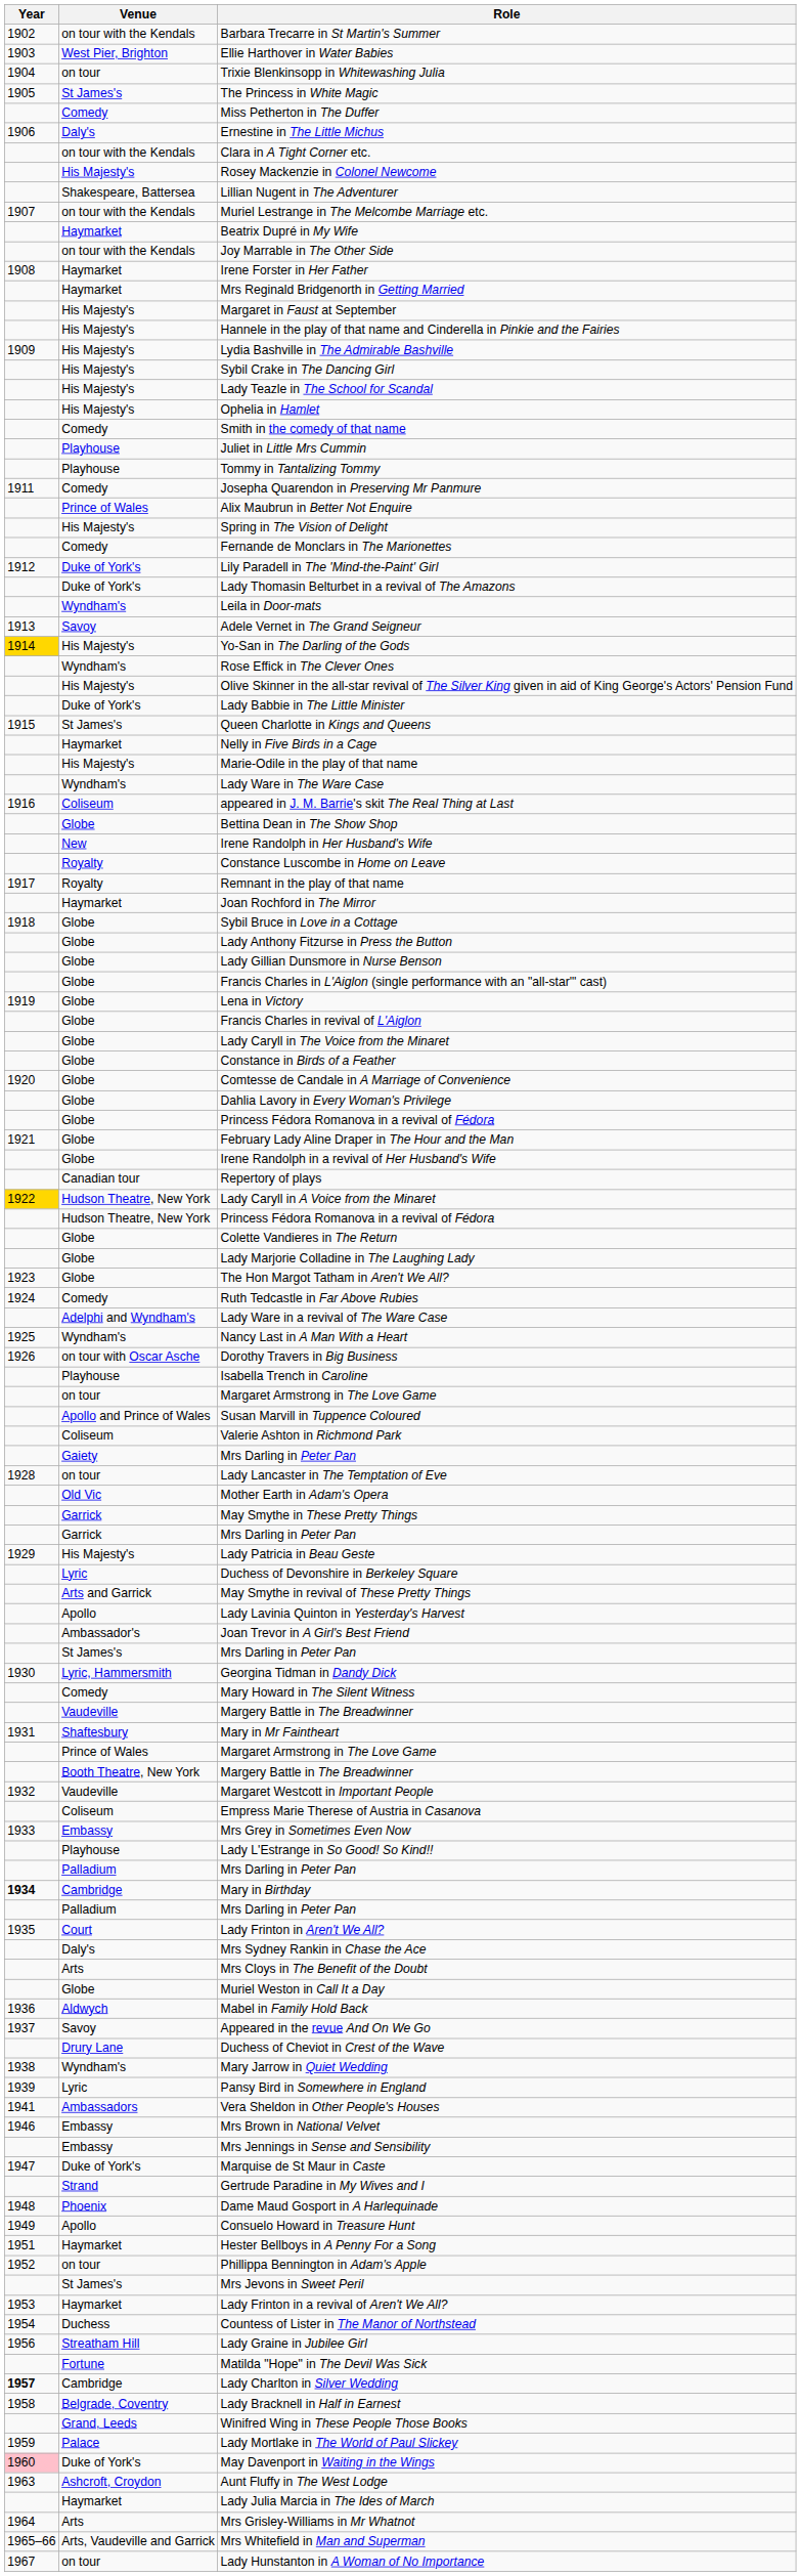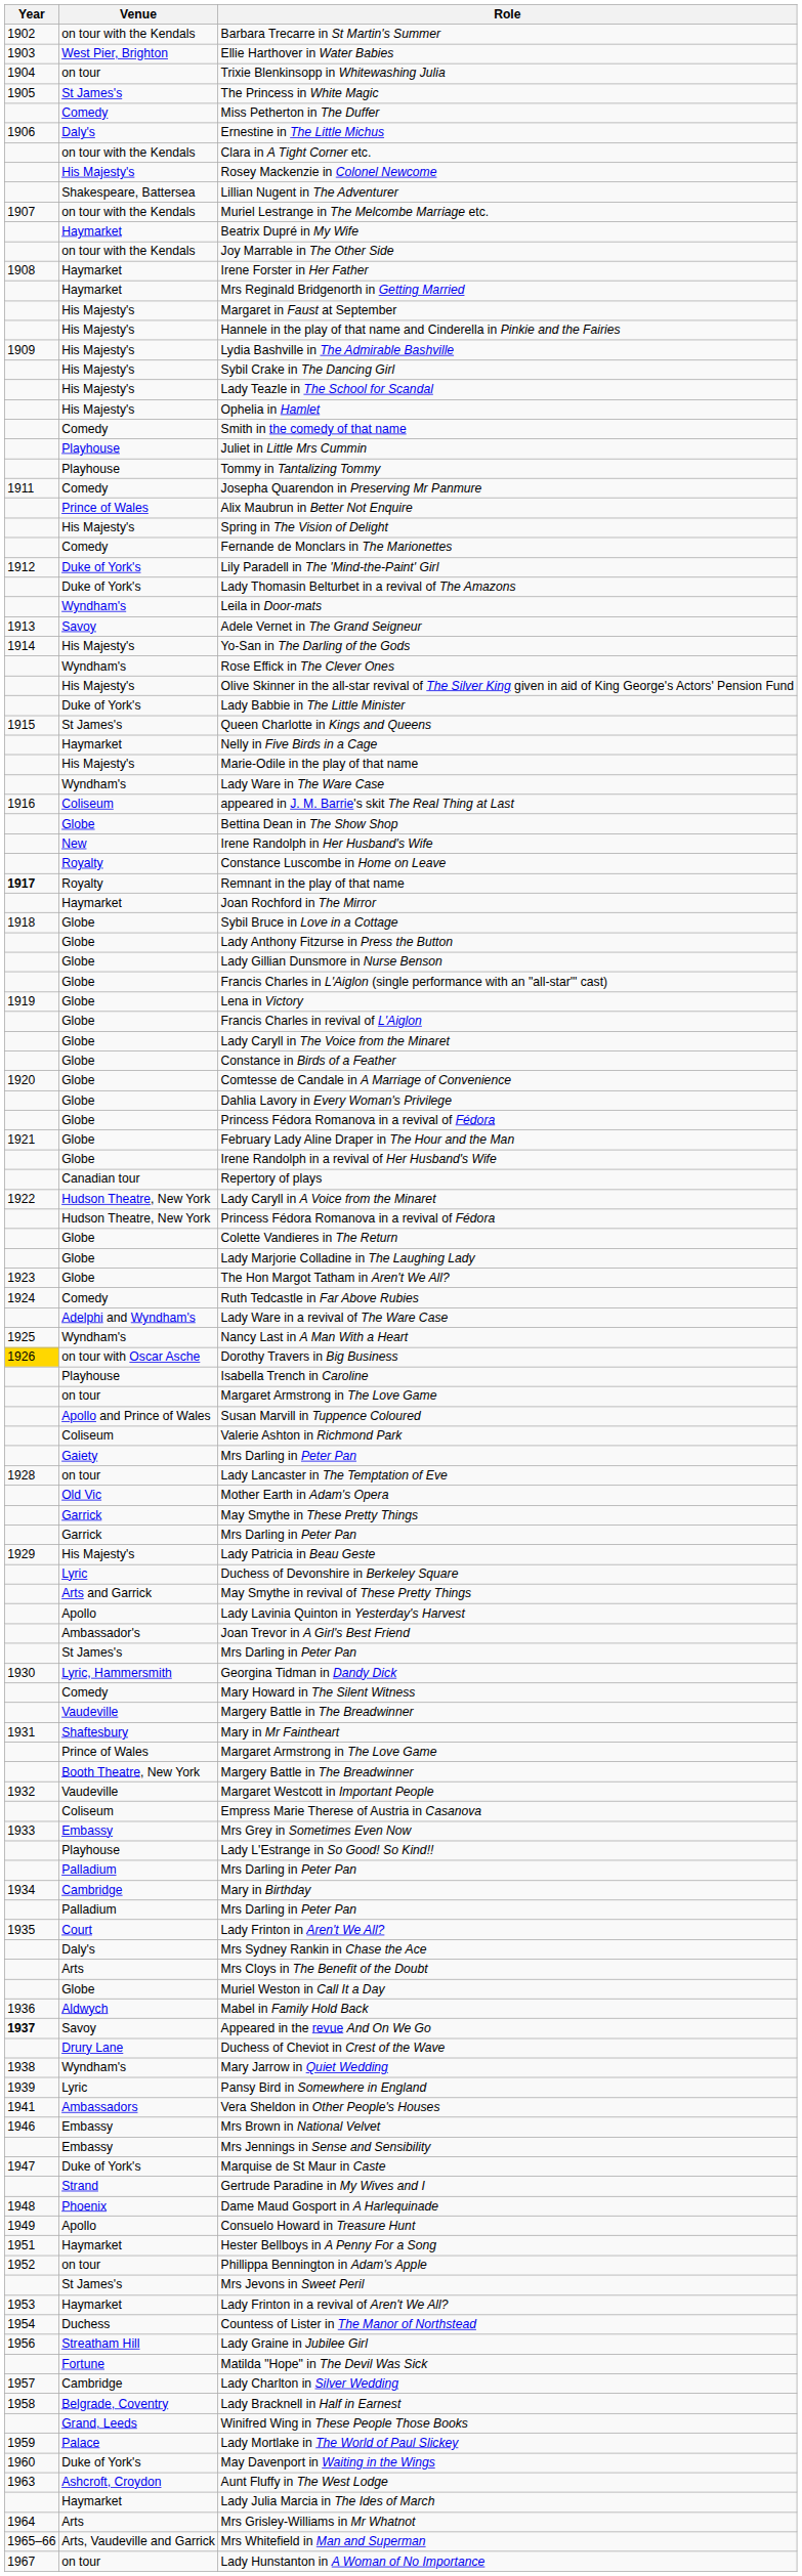 <table class="wikitable plainrowheaders" style="text-align: left; margin-right: 0;">
 <tr>
 <th scope="col">Year</th>
 <th scope="col">Venue</th>
 <th scope="col">Role</th>
 </tr>
 <tr>
 <td>1902</td>
 <td>on tour with the Kendals</td>
 <td>Barbara Trecarre in <em>St Martin's Summer</em></td>
 </tr>
 <tr>
 <td>1903</td>
 <td><a href='#'>West Pier, Brighton</a></td>
 <td>Ellie Harthover in <em>Water Babies</em></td>
 </tr>
 <tr>
 <td>1904</td>
 <td>on tour</td>
 <td>Trixie Blenkinsopp in <em>Whitewashing Julia</em></td>
 </tr>
 <tr>
 <td>1905</td>
 <td><a href='#'>St James's</a></td>
 <td>The Princess in <em>White Magic</em></td>
 </tr>
 <tr>
 <td></td>
 <td><a href='#'>Comedy</a></td>
 <td>Miss Petherton in <em>The Duffer</em></td>
 </tr>
 <tr>
 <td>1906</td>
 <td><a href='#'>Daly's</a></td>
 <td>Ernestine in <em><a href='#'>The Little Michus</a></em></td>
 </tr>
 <tr>
 <td></td>
 <td>on tour with the Kendals</td>
 <td>Clara in <em>A Tight Corner</em> etc.</td>
 </tr>
 <tr>
 <td></td>
 <td><a href='#'>His Majesty's</a></td>
 <td>Rosey Mackenzie in <em><a href='#'>Colonel Newcome</a></em></td>
 </tr>
 <tr>
 <td></td>
 <td>Shakespeare, Battersea</td>
 <td>Lillian Nugent in <em>The Adventurer</em></td>
 </tr>
 <tr>
 <td>1907</td>
 <td>on tour with the Kendals</td>
 <td>Muriel Lestrange in <em>The Melcombe Marriage</em> etc.</td>
 </tr>
 <tr>
 <td></td>
 <td><a href='#'>Haymarket</a></td>
 <td>Beatrix Dupré in <em>My Wife</em></td>
 </tr>
 <tr>
 <td></td>
 <td>on tour with the Kendals</td>
 <td>Joy Marrable in <em>The Other Side</em></td>
 </tr>
 <tr>
 <td>1908</td>
 <td>Haymarket</td>
 <td>Irene Forster in <em>Her Father</em></td>
 </tr>
 <tr>
 <td></td>
 <td>Haymarket</td>
 <td>Mrs Reginald Bridgenorth in <em><a href='#'>Getting Married</a></em></td>
 </tr>
 <tr>
 <td></td>
 <td>His Majesty's</td>
 <td>Margaret in <em>Faust </em>at September</td>
 </tr>
 <tr>
 <td></td>
 <td>His Majesty's</td>
 <td>Hannele in the play of that name and  Cinderella in <em>Pinkie and the Fairies</em></td>
 </tr>
 <tr>
 <td>1909</td>
 <td>His Majesty's</td>
 <td>Lydia Bashville in <em><a href='#'>The Admirable Bashville</a></em></td>
 </tr>
 <tr>
 <td></td>
 <td>His Majesty's</td>
 <td>Sybil Crake in <em>The Dancing Girl</em></td>
 </tr>
 <tr>
 <td></td>
 <td>His Majesty's</td>
 <td>Lady Teazle in <em><a href='#'>The School for Scandal</a></em></td>
 </tr>
 <tr>
 <td></td>
 <td>His Majesty's</td>
 <td>Ophelia in <em><a href='#'>Hamlet</a></em></td>
 </tr>
 <tr>
 <td></td>
 <td>Comedy</td>
 <td>Smith in <a href='#'>the comedy of that name</a></td>
 </tr>
 <tr>
 <td></td>
 <td><a href='#'>Playhouse</a></td>
 <td>Juliet in <em>Little Mrs Cummin</em></td>
 </tr>
 <tr>
 <td></td>
 <td>Playhouse</td>
 <td>Tommy in <em>Tantalizing Tommy</em></td>
 </tr>
 <tr>
 <td>1911</td>
 <td>Comedy</td>
 <td>Josepha Quarendon in <em>Preserving Mr Panmure</em></td>
 </tr>
 <tr>
 <td></td>
 <td><a href='#'>Prince of Wales</a></td>
 <td>Alix Maubrun in <em>Better Not Enquire</em></td>
 </tr>
 <tr>
 <td></td>
 <td>His Majesty's</td>
 <td>Spring in <em>The Vision of Delight</em></td>
 </tr>
 <tr>
 <td></td>
 <td>Comedy</td>
 <td>Fernande de Monclars in <em>The Marionettes</em></td>
 </tr>
 <tr>
 <td>1912</td>
 <td><a href='#'>Duke of York's</a></td>
 <td>Lily Paradell in <em>The 'Mind-the-Paint' Girl</em></td>
 </tr>
 <tr>
 <td></td>
 <td>Duke of York's</td>
 <td>Lady Thomasin Belturbet in a revival of <em>The Amazons</em></td>
 </tr>
 <tr>
 <td></td>
 <td><a href='#'>Wyndham's</a></td>
 <td>Leila in <em>Door-mats</em></td>
 </tr>
 <tr>
 <td>1913</td>
 <td><a href='#'>Savoy</a></td>
 <td>Adele Vernet in <em>The Grand Seigneur</em></td>
 </tr>
 <tr>
-<td style="background: gold;">1914</td>
+<td>1914</td>
 <td>His Majesty's</td>
 <td>Yo-San in <em>The Darling of the Gods</em></td>
 </tr>
 <tr>
 <td></td>
 <td>Wyndham's</td>
 <td>Rose Effick in <em>The Clever Ones</em></td>
 </tr>
 <tr>
 <td></td>
 <td>His Majesty's</td>
 <td>Olive Skinner in the all-star revival of <em><a href='#'>The Silver King</a></em> given in aid of King George's Actors' Pension Fund</td>
 </tr>
 <tr>
 <td></td>
 <td>Duke of York's</td>
 <td>Lady Babbie in <em>The Little Minister</em></td>
 </tr>
 <tr>
 <td>1915</td>
 <td>St James's</td>
 <td>Queen Charlotte in <em>Kings and Queens</em></td>
 </tr>
 <tr>
 <td></td>
 <td>Haymarket</td>
 <td>Nelly in <em>Five Birds in a Cage</em></td>
 </tr>
 <tr>
 <td></td>
 <td>His Majesty's</td>
 <td>Marie-Odile in the play of that name</td>
 </tr>
 <tr>
 <td></td>
 <td>Wyndham's</td>
 <td>Lady Ware in <em>The Ware Case</em></td>
 </tr>
 <tr>
 <td>1916</td>
 <td><a href='#'>Coliseum</a></td>
 <td>appeared in <a href='#'>J. M. Barrie</a>'s skit <em>The Real Thing at Last</em></td>
 </tr>
 <tr>
 <td></td>
 <td><a href='#'>Globe</a></td>
 <td>Bettina Dean in <em>The Show Shop</em></td>
 </tr>
 <tr>
 <td></td>
 <td><a href='#'>New</a></td>
 <td>Irene Randolph in <em>Her Husband's Wife</em></td>
 </tr>
 <tr>
 <td></td>
 <td><a href='#'>Royalty</a></td>
 <td>Constance Luscombe in <em>Home on Leave</em></td>
 </tr>
 <tr>
-<td>1917</td>
+<td><strong>1917</strong></td>
 <td>Royalty</td>
 <td>Remnant in the play of that name</td>
 </tr>
 <tr>
 <td></td>
 <td>Haymarket</td>
 <td>Joan Rochford in <em>The Mirror</em></td>
 </tr>
 <tr>
 <td>1918</td>
 <td>Globe</td>
 <td>Sybil Bruce in <em>Love in a Cottage</em></td>
 </tr>
 <tr>
 <td></td>
 <td>Globe</td>
 <td>Lady Anthony Fitzurse in <em>Press the Button</em></td>
 </tr>
 <tr>
 <td></td>
 <td>Globe</td>
 <td>Lady Gillian Dunsmore in <em>Nurse Benson</em></td>
 </tr>
 <tr>
 <td></td>
 <td>Globe</td>
 <td>Francis Charles in <em>L'Aiglon</em> (single performance with an "all-star'" cast)</td>
 </tr>
 <tr>
 <td>1919</td>
 <td>Globe</td>
 <td>Lena in <em>Victory</em></td>
 </tr>
 <tr>
 <td></td>
 <td>Globe</td>
 <td>Francis Charles in revival of <em><a href='#'>L'Aiglon</a></em></td>
 </tr>
 <tr>
 <td></td>
 <td>Globe</td>
 <td>Lady Caryll in <em>The Voice from the Minaret</em></td>
 </tr>
 <tr>
 <td></td>
 <td>Globe</td>
 <td>Constance in <em>Birds of a Feather</em></td>
 </tr>
 <tr>
 <td>1920</td>
 <td>Globe</td>
 <td>Comtesse de Candale in <em>A Marriage of Convenience</em></td>
 </tr>
 <tr>
 <td></td>
 <td>Globe</td>
 <td>Dahlia Lavory in <em>Every Woman's Privilege</em></td>
 </tr>
 <tr>
 <td></td>
 <td>Globe</td>
 <td>Princess Fédora Romanova in a revival of <em><a href='#'>Fédora</a></em></td>
 </tr>
 <tr>
 <td>1921</td>
 <td>Globe</td>
 <td>February Lady Aline Draper in <em>The Hour and the Man</em></td>
 </tr>
 <tr>
 <td></td>
 <td>Globe</td>
 <td>Irene Randolph in a revival of <em>Her Husband's Wife</em></td>
 </tr>
 <tr>
 <td></td>
 <td>Canadian tour</td>
 <td>Repertory of plays</td>
 </tr>
 <tr>
-<td style="background: gold;">1922</td>
+<td>1922</td>
 <td><a href='#'>Hudson Theatre</a>, New York</td>
 <td>Lady Caryll in <em>A Voice from the Minaret</em></td>
 </tr>
 <tr>
 <td></td>
 <td>Hudson Theatre, New York</td>
 <td>Princess Fédora Romanova in a revival of <em>Fédora</em></td>
 </tr>
 <tr>
 <td></td>
 <td>Globe</td>
 <td>Colette Vandieres in <em>The Return</em></td>
 </tr>
 <tr>
 <td></td>
 <td>Globe</td>
 <td>Lady Marjorie Colladine in <em>The Laughing Lady</em></td>
 </tr>
 <tr>
 <td>1923</td>
 <td>Globe</td>
 <td>The Hon Margot Tatham in <em>Aren't We All?</em></td>
 </tr>
 <tr>
 <td>1924</td>
 <td>Comedy</td>
 <td>Ruth Tedcastle in <em>Far Above Rubies</em></td>
 </tr>
 <tr>
 <td></td>
 <td><a href='#'>Adelphi</a> and <a href='#'>Wyndham's</a></td>
 <td>Lady Ware in a revival of <em>The Ware Case</em></td>
 </tr>
 <tr>
 <td>1925</td>
 <td>Wyndham's</td>
 <td>Nancy Last in <em>A Man With a Heart</em></td>
 </tr>
 <tr>
-<td>1926</td>
+<td style="background: gold;">1926</td>
 <td>on tour with <a href='#'>Oscar Asche</a></td>
 <td>Dorothy Travers in <em>Big Business</em></td>
 </tr>
 <tr>
 <td></td>
 <td>Playhouse</td>
 <td>Isabella Trench in <em>Caroline</em></td>
 </tr>
 <tr>
 <td></td>
 <td>on tour</td>
 <td>Margaret Armstrong in <em>The Love Game</em></td>
 </tr>
 <tr>
 <td></td>
 <td><a href='#'>Apollo</a> and Prince of Wales</td>
 <td>Susan Marvill in <em>Tuppence Coloured</em></td>
 </tr>
 <tr>
 <td></td>
 <td>Coliseum</td>
 <td>Valerie Ashton in <em>Richmond Park</em></td>
 </tr>
 <tr>
 <td></td>
 <td><a href='#'>Gaiety</a></td>
 <td>Mrs Darling in <em><a href='#'>Peter Pan</a></em></td>
 </tr>
 <tr>
 <td>1928</td>
 <td>on tour</td>
 <td>Lady Lancaster in <em>The Temptation of Eve</em></td>
 </tr>
 <tr>
 <td></td>
 <td><a href='#'>Old Vic</a></td>
 <td>Mother Earth in <em>Adam's Opera</em></td>
 </tr>
 <tr>
 <td></td>
 <td><a href='#'>Garrick</a></td>
 <td>May Smythe in <em>These Pretty Things</em></td>
 </tr>
 <tr>
 <td></td>
 <td>Garrick</td>
 <td>Mrs Darling in <em>Peter Pan</em></td>
 </tr>
 <tr>
 <td>1929</td>
 <td>His Majesty's</td>
 <td>Lady Patricia in <em>Beau Geste</em></td>
 </tr>
 <tr>
 <td></td>
 <td><a href='#'>Lyric</a></td>
 <td>Duchess of Devonshire in <em>Berkeley Square</em></td>
 </tr>
 <tr>
 <td></td>
 <td><a href='#'>Arts</a> and Garrick</td>
 <td>May Smythe in revival of <em>These Pretty Things</em></td>
 </tr>
 <tr>
 <td></td>
 <td>Apollo</td>
 <td>Lady Lavinia Quinton in <em>Yesterday's Harvest</em></td>
 </tr>
 <tr>
 <td></td>
 <td>Ambassador's</td>
 <td>Joan Trevor in <em>A Girl's Best Friend</em></td>
 </tr>
 <tr>
 <td></td>
 <td>St James's</td>
 <td>Mrs Darling in <em>Peter Pan</em></td>
 </tr>
 <tr>
 <td>1930</td>
 <td><a href='#'>Lyric, Hammersmith</a></td>
 <td>Georgina Tidman in <em><a href='#'>Dandy Dick</a></em></td>
 </tr>
 <tr>
 <td></td>
 <td>Comedy</td>
 <td>Mary Howard in <em>The Silent Witness</em></td>
 </tr>
 <tr>
 <td></td>
 <td><a href='#'>Vaudeville</a></td>
 <td>Margery Battle in <em>The Breadwinner</em></td>
 </tr>
 <tr>
 <td>1931</td>
 <td><a href='#'>Shaftesbury</a></td>
 <td>Mary in <em>Mr Faintheart</em></td>
 </tr>
 <tr>
 <td></td>
 <td>Prince of Wales</td>
 <td>Margaret Armstrong in <em>The Love Game </em></td>
 </tr>
 <tr>
 <td></td>
 <td><a href='#'>Booth Theatre</a>, New York</td>
 <td>Margery Battle in <em>The Breadwinner</em></td>
 </tr>
 <tr>
 <td>1932</td>
 <td>Vaudeville</td>
 <td>Margaret Westcott in <em>Important People</em></td>
 </tr>
 <tr>
 <td></td>
 <td>Coliseum</td>
 <td>Empress Marie Therese of Austria in <em>Casanova</em></td>
 </tr>
 <tr>
 <td>1933</td>
 <td><a href='#'>Embassy</a></td>
 <td>Mrs Grey in <em>Sometimes Even Now</em></td>
 </tr>
 <tr>
 <td></td>
 <td>Playhouse</td>
 <td>Lady L'Estrange in <em>So Good! So Kind!!</em></td>
 </tr>
 <tr>
 <td></td>
 <td><a href='#'>Palladium</a></td>
 <td>Mrs Darling in <em>Peter Pan</em></td>
 </tr>
 <tr>
-<td><strong>1934</strong></td>
+<td>1934</td>
 <td><a href='#'>Cambridge</a></td>
 <td>Mary in<em> Birthday</em></td>
 </tr>
 <tr>
 <td></td>
 <td>Palladium</td>
 <td>Mrs Darling in <em>Peter Pan</em></td>
 </tr>
 <tr>
 <td>1935</td>
 <td><a href='#'>Court</a></td>
 <td>Lady Frinton in <em><a href='#'>Aren't We All?</a></em></td>
 </tr>
 <tr>
 <td></td>
 <td>Daly's</td>
 <td>Mrs Sydney Rankin in <em>Chase the Ace</em></td>
 </tr>
 <tr>
 <td></td>
 <td>Arts</td>
 <td>Mrs Cloys in <em>The Benefit of the Doubt</em></td>
 </tr>
 <tr>
 <td></td>
 <td>Globe</td>
 <td>Muriel Weston in <em>Call It a Day</em></td>
 </tr>
 <tr>
 <td>1936</td>
 <td><a href='#'>Aldwych</a></td>
 <td>Mabel in <em>Family Hold Back</em></td>
 </tr>
 <tr>
-<td>1937</td>
+<td><strong>1937</strong></td>
 <td>Savoy</td>
 <td>Appeared in the <a href='#'>revue</a> <em>And On We Go</em></td>
 </tr>
 <tr>
 <td></td>
 <td><a href='#'>Drury Lane</a></td>
 <td>Duchess of Cheviot in <em>Crest of the Wave</em></td>
 </tr>
 <tr>
 <td>1938</td>
 <td>Wyndham's</td>
 <td>Mary Jarrow in <em><a href='#'>Quiet Wedding</a></em></td>
 </tr>
 <tr>
 <td>1939</td>
 <td>Lyric</td>
 <td>Pansy Bird in <em>Somewhere in England</em></td>
 </tr>
 <tr>
 <td>1941</td>
 <td><a href='#'>Ambassadors</a></td>
 <td>Vera Sheldon in <em>Other People's Houses</em></td>
 </tr>
 <tr>
 <td>1946</td>
 <td>Embassy</td>
 <td>Mrs Brown in <em>National Velvet</em></td>
 </tr>
 <tr>
 <td></td>
 <td>Embassy</td>
 <td>Mrs Jennings in <em>Sense and Sensibility</em></td>
 </tr>
 <tr>
 <td>1947</td>
 <td>Duke of York's</td>
 <td>Marquise de St Maur in <em>Caste</em></td>
 </tr>
 <tr>
 <td></td>
 <td><a href='#'>Strand</a></td>
 <td>Gertrude Paradine in <em>My Wives and I</em></td>
 </tr>
 <tr>
 <td>1948</td>
 <td><a href='#'>Phoenix</a></td>
 <td>Dame Maud Gosport in <em>A Harlequinade</em></td>
 </tr>
 <tr>
 <td>1949</td>
 <td>Apollo</td>
 <td>Consuelo Howard in <em>Treasure Hunt</em></td>
 </tr>
 <tr>
 <td>1951</td>
 <td>Haymarket</td>
 <td>Hester Bellboys in <em>A Penny For a Song</em></td>
 </tr>
 <tr>
 <td>1952</td>
 <td>on tour</td>
 <td>Phillippa Bennington in <em>Adam's Apple</em></td>
 </tr>
 <tr>
 <td></td>
 <td>St James's</td>
 <td>Mrs Jevons in <em>Sweet Peril</em></td>
 </tr>
 <tr>
 <td>1953</td>
 <td>Haymarket</td>
 <td>Lady Frinton in a revival of <em>Aren't We All?</em></td>
 </tr>
 <tr>
 <td>1954</td>
 <td>Duchess</td>
 <td>Countess of Lister in <em><a href='#'>The Manor of Northstead</a></em></td>
 </tr>
 <tr>
 <td>1956</td>
 <td><a href='#'>Streatham Hill</a></td>
 <td>Lady Graine in <em>Jubilee Girl</em></td>
 </tr>
 <tr>
 <td></td>
 <td><a href='#'>Fortune</a></td>
 <td>Matilda "Hope" in <em>The Devil Was Sick</em></td>
 </tr>
 <tr>
-<td><strong>1957</strong></td>
+<td>1957</td>
 <td>Cambridge</td>
 <td>Lady Charlton in <em><a href='#'>Silver Wedding</a></em></td>
 </tr>
 <tr>
 <td>1958</td>
 <td><a href='#'>Belgrade, Coventry</a></td>
 <td>Lady Bracknell in <em>Half in Earnest</em></td>
 </tr>
 <tr>
 <td></td>
 <td><a href='#'>Grand, Leeds</a></td>
 <td>Winifred Wing in <em>These People Those Books</em></td>
 </tr>
 <tr>
 <td>1959</td>
 <td><a href='#'>Palace</a></td>
 <td>Lady Mortlake in <em><a href='#'>The World of Paul Slickey</a></em></td>
 </tr>
 <tr>
-<td style="background: pink;">1960</td>
+<td>1960</td>
 <td>Duke of York's</td>
 <td>May Davenport in <em><a href='#'>Waiting in the Wings</a></em></td>
 </tr>
 <tr>
 <td>1963</td>
 <td><a href='#'>Ashcroft, Croydon</a></td>
 <td>Aunt Fluffy in <em>The West Lodge</em></td>
 </tr>
 <tr>
 <td></td>
 <td>Haymarket</td>
 <td>Lady Julia Marcia in <em>The Ides of March</em></td>
 </tr>
 <tr>
 <td>1964</td>
 <td>Arts</td>
 <td>Mrs Grisley-Williams in <em>Mr Whatnot</em></td>
 </tr>
 <tr>
 <td>1965–66</td>
 <td>Arts, Vaudeville and Garrick</td>
 <td>Mrs Whitefield in <em><a href='#'>Man and Superman</a></em></td>
 </tr>
 <tr>
 <td>1967</td>
 <td>on tour</td>
 <td>Lady Hunstanton in <em><a href='#'>A Woman of No Importance</a></em></td>
 </tr>
 </table>
